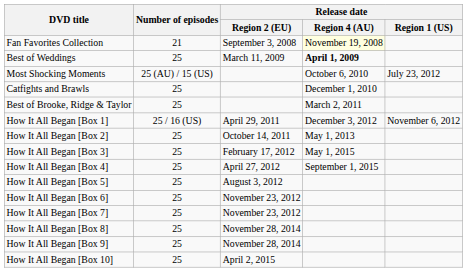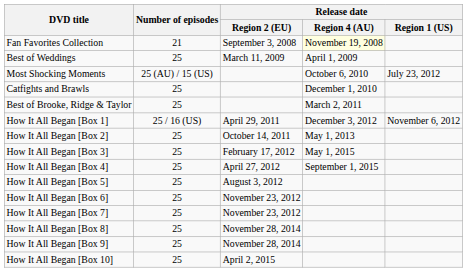 <table class="wikitable">
 <tr>
 <th rowspan="2">DVD title</th>
 <th rowspan="2">Number of episodes</th>
 <th colspan="3">Release date</th>
 </tr>
 <tr>
 <th>Region 2 (EU)</th>
 <th>Region 4 (AU)</th>
 <th>Region 1 (US)</th>
 </tr>
 <tr>
 <td>Fan Favorites Collection</td>
 <td style="text-align:center;">21</td>
 <td>September 3, 2008</td>
 <td style="background: lightyellow;">November 19, 2008</td>
 <td></td>
 </tr>
 <tr>
 <td>Best of Weddings</td>
 <td style="text-align:center;">25</td>
 <td>March 11, 2009</td>
-<td><strong>April 1, 2009</strong></td>
+<td>April 1, 2009</td>
 <td></td>
 </tr>
 <tr>
 <td>Most Shocking Moments</td>
 <td style="text-align:center;">25 (AU) / 15 (US)</td>
 <td></td>
 <td>October 6, 2010</td>
 <td>July 23, 2012</td>
 </tr>
 <tr>
 <td>Catfights and Brawls</td>
 <td style="text-align:center;">25</td>
 <td></td>
 <td>December 1, 2010</td>
 <td></td>
 </tr>
 <tr>
 <td>Best of Brooke, Ridge & Taylor</td>
 <td style="text-align:center;">25</td>
 <td></td>
 <td>March 2, 2011</td>
 <td></td>
 </tr>
 <tr>
 <td>How It All Began [Box 1]</td>
 <td style="text-align:center;">25 / 16 (US)</td>
 <td>April 29, 2011</td>
 <td>December 3, 2012</td>
 <td>November 6, 2012</td>
 </tr>
 <tr>
 <td>How It All Began [Box 2]</td>
 <td style="text-align:center;">25</td>
 <td>October 14, 2011</td>
 <td>May 1, 2013</td>
 <td></td>
 </tr>
 <tr>
 <td>How It All Began [Box 3]</td>
 <td style="text-align:center;">25</td>
 <td>February 17, 2012</td>
 <td>May 1, 2015</td>
 <td></td>
 </tr>
 <tr>
 <td>How It All Began [Box 4]</td>
 <td style="text-align:center;">25</td>
 <td>April 27, 2012</td>
 <td>September 1, 2015</td>
 <td></td>
 </tr>
 <tr>
 <td>How It All Began [Box 5]</td>
 <td style="text-align:center;">25</td>
 <td>August 3, 2012</td>
 <td></td>
 <td></td>
 </tr>
 <tr>
 <td>How It All Began [Box 6]</td>
 <td style="text-align:center;">25</td>
 <td>November 23, 2012</td>
 <td></td>
 <td></td>
 </tr>
 <tr>
 <td>How It All Began [Box 7]</td>
 <td style="text-align:center;">25</td>
 <td>November 23, 2012</td>
 <td></td>
 <td></td>
 </tr>
 <tr>
 <td>How It All Began [Box 8]</td>
 <td style="text-align:center;">25</td>
 <td>November 28, 2014</td>
 <td></td>
 <td></td>
 </tr>
 <tr>
 <td>How It All Began [Box 9]</td>
 <td style="text-align:center;">25</td>
 <td>November 28, 2014</td>
 <td></td>
 <td></td>
 </tr>
 <tr>
 <td>How It All Began [Box 10]</td>
 <td style="text-align:center;">25</td>
 <td>April 2, 2015</td>
 <td></td>
 <td></td>
 </tr>
 </table>
